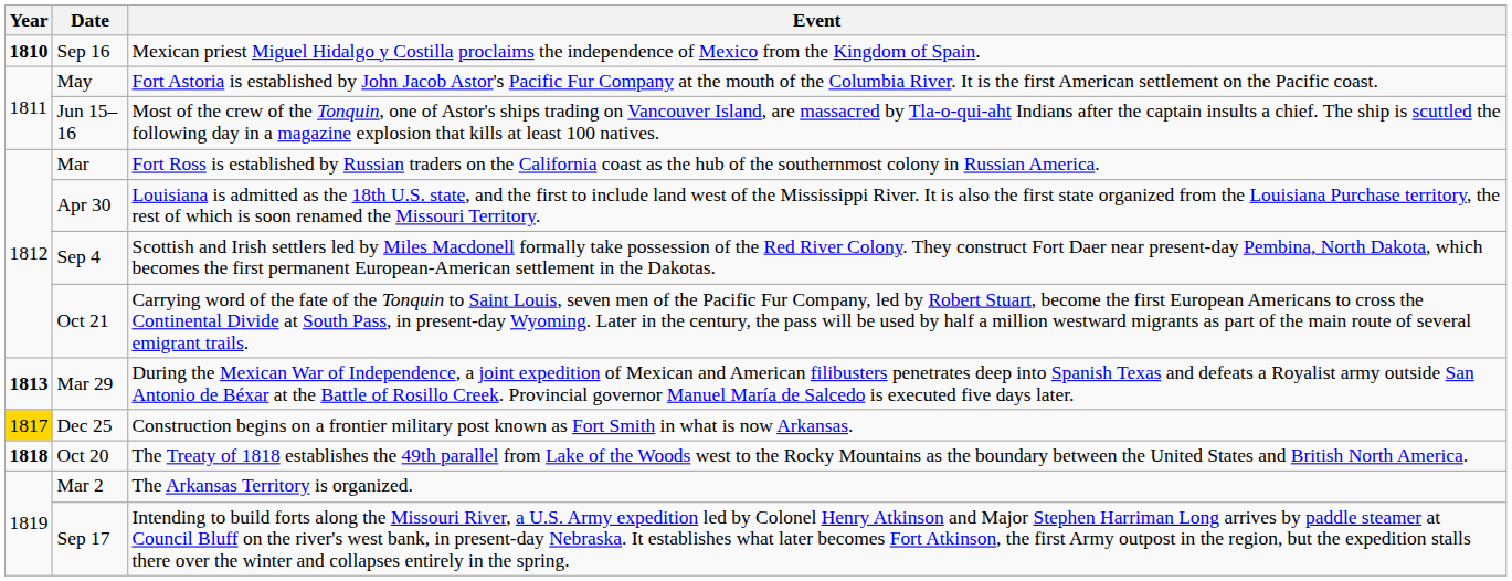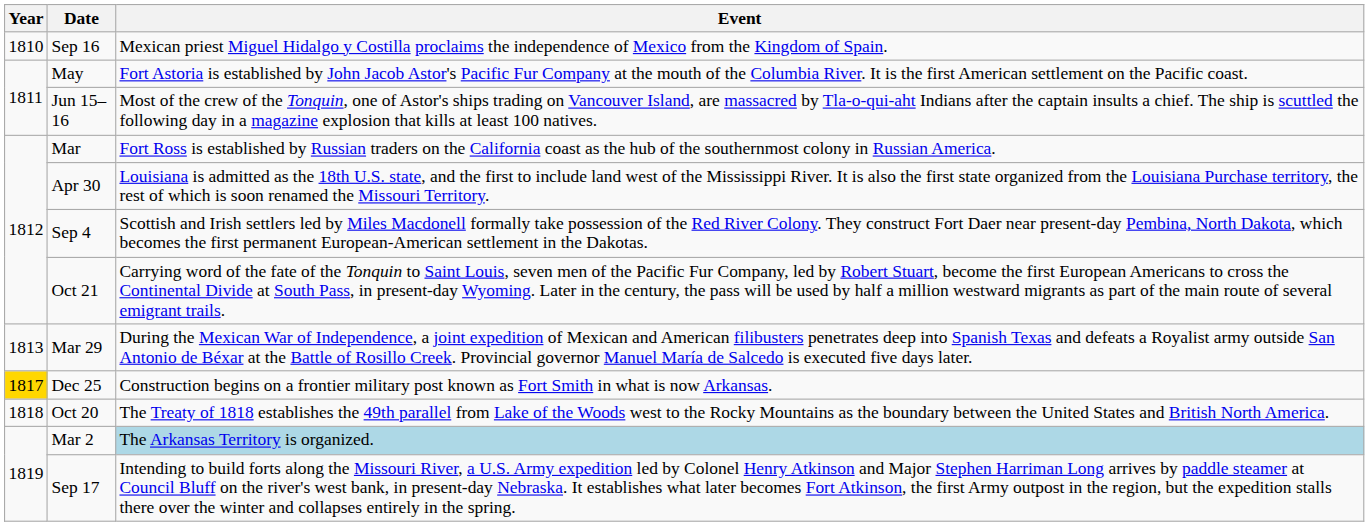 <table class=wikitable>
 <tr>
 <th>Year</th>
 <th width=55>Date</th>
 <th>Event</th>
 </tr>
 <tr>
-<td rowspan=1><strong>1810</strong></td>
+<td rowspan=1>1810</td>
 <td>Sep 16</td>
 <td>Mexican priest <a href='#'>Miguel Hidalgo y Costilla</a> <a href='#'>proclaims</a> the independence of <a href='#'>Mexico</a> from the <a href='#'>Kingdom of Spain</a>.</td>
 </tr>
 <tr>
 <td rowspan=2>1811</td>
 <td>May</td>
 <td><a href='#'>Fort Astoria</a> is established by <a href='#'>John Jacob Astor</a>'s <a href='#'>Pacific Fur Company</a> at the mouth of the <a href='#'>Columbia River</a>. It is the first American settlement on the Pacific coast.</td>
 </tr>
 <tr>
 <td>Jun 15–16</td>
 <td>Most of the crew of the <em><a href='#'>Tonquin</a></em>, one of Astor's ships trading on <a href='#'>Vancouver Island</a>, are <a href='#'>massacred</a> by <a href='#'>Tla-o-qui-aht</a> Indians after the captain insults a chief. The ship is <a href='#'>scuttled</a> the following day in a <a href='#'>magazine</a> explosion that kills at least 100 natives.</td>
 </tr>
 <tr>
 <td rowspan=4>1812</td>
 <td>Mar</td>
 <td><a href='#'>Fort Ross</a> is established by <a href='#'>Russian</a> traders on the <a href='#'>California</a> coast as the hub of the southernmost colony in <a href='#'>Russian America</a>.</td>
 </tr>
 <tr>
 <td>Apr 30</td>
 <td><a href='#'>Louisiana</a> is admitted as the <a href='#'>18th U.S. state</a>, and the first to include land west of the Mississippi River. It is also the first state organized from the <a href='#'>Louisiana Purchase territory</a>, the rest of which is soon renamed the <a href='#'>Missouri Territory</a>.</td>
 </tr>
 <tr>
 <td>Sep 4</td>
 <td>Scottish and Irish settlers led by <a href='#'>Miles Macdonell</a> formally take possession of the <a href='#'>Red River Colony</a>. They construct Fort Daer near present-day <a href='#'>Pembina, North Dakota</a>, which becomes the first permanent European-American settlement in the Dakotas.</td>
 </tr>
 <tr>
 <td>Oct 21</td>
 <td>Carrying word of the fate of the <em>Tonquin</em> to <a href='#'>Saint Louis</a>, seven men of the Pacific Fur Company, led by <a href='#'>Robert Stuart</a>, become the first European Americans to cross the <a href='#'>Continental Divide</a> at <a href='#'>South Pass</a>, in present-day <a href='#'>Wyoming</a>. Later in the century, the pass will be used by half a million westward migrants as part of the main route of several <a href='#'>emigrant trails</a>.</td>
 </tr>
 <tr>
-<td rowspan=1><strong>1813</strong></td>
+<td rowspan=1>1813</td>
 <td>Mar 29</td>
 <td>During the <a href='#'>Mexican War of Independence</a>, a <a href='#'>joint expedition</a> of Mexican and American <a href='#'>filibusters</a> penetrates deep into <a href='#'>Spanish Texas</a> and defeats a Royalist army outside <a href='#'>San Antonio de Béxar</a> at the <a href='#'>Battle of Rosillo Creek</a>. Provincial governor <a href='#'>Manuel María de Salcedo</a> is executed five days later.</td>
 </tr>
 <tr>
 <td rowspan=1 style="background: gold;">1817</td>
 <td>Dec 25</td>
 <td>Construction begins on a frontier military post known as <a href='#'>Fort Smith</a> in what is now <a href='#'>Arkansas</a>.</td>
 </tr>
 <tr>
-<td rowspan=1><strong>1818</strong></td>
+<td rowspan=1>1818</td>
 <td>Oct 20</td>
 <td>The <a href='#'>Treaty of 1818</a> establishes the <a href='#'>49th parallel</a> from <a href='#'>Lake of the Woods</a> west to the Rocky Mountains as the boundary between the United States and <a href='#'>British North America</a>.</td>
 </tr>
 <tr>
 <td rowspan=2>1819</td>
 <td>Mar 2</td>
-<td>The <a href='#'>Arkansas Territory</a> is organized.</td>
+<td style="background: lightblue;">The <a href='#'>Arkansas Territory</a> is organized.</td>
 </tr>
 <tr>
 <td>Sep 17</td>
 <td>Intending to build forts along the <a href='#'>Missouri River</a>, <a href='#'>a U.S. Army expedition</a> led by Colonel <a href='#'>Henry Atkinson</a> and Major <a href='#'>Stephen Harriman Long</a> arrives by <a href='#'>paddle steamer</a> at <a href='#'>Council Bluff</a> on the river's west bank, in present-day <a href='#'>Nebraska</a>. It establishes what later becomes <a href='#'>Fort Atkinson</a>, the first Army outpost in the region, but the expedition stalls there over the winter and collapses entirely in the spring.</td>
 </tr>
 </table>
